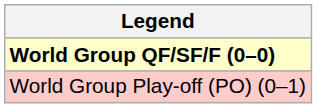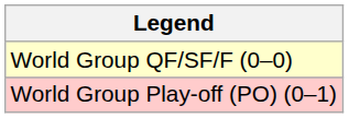 <table class="wikitable" style="font-size:90%">
 <tr>
 <th>Legend</th>
 </tr>
 <tr bgcolor=#ffc>
-<td><strong>World Group QF/SF/F (0–0)</strong></td>
+<td>World Group QF/SF/F (0–0)</td>
 </tr>
 <tr bgcolor=#fcc>
 <td>World Group Play-off (PO) (0–1)</td>
 </tr>
 </table>
